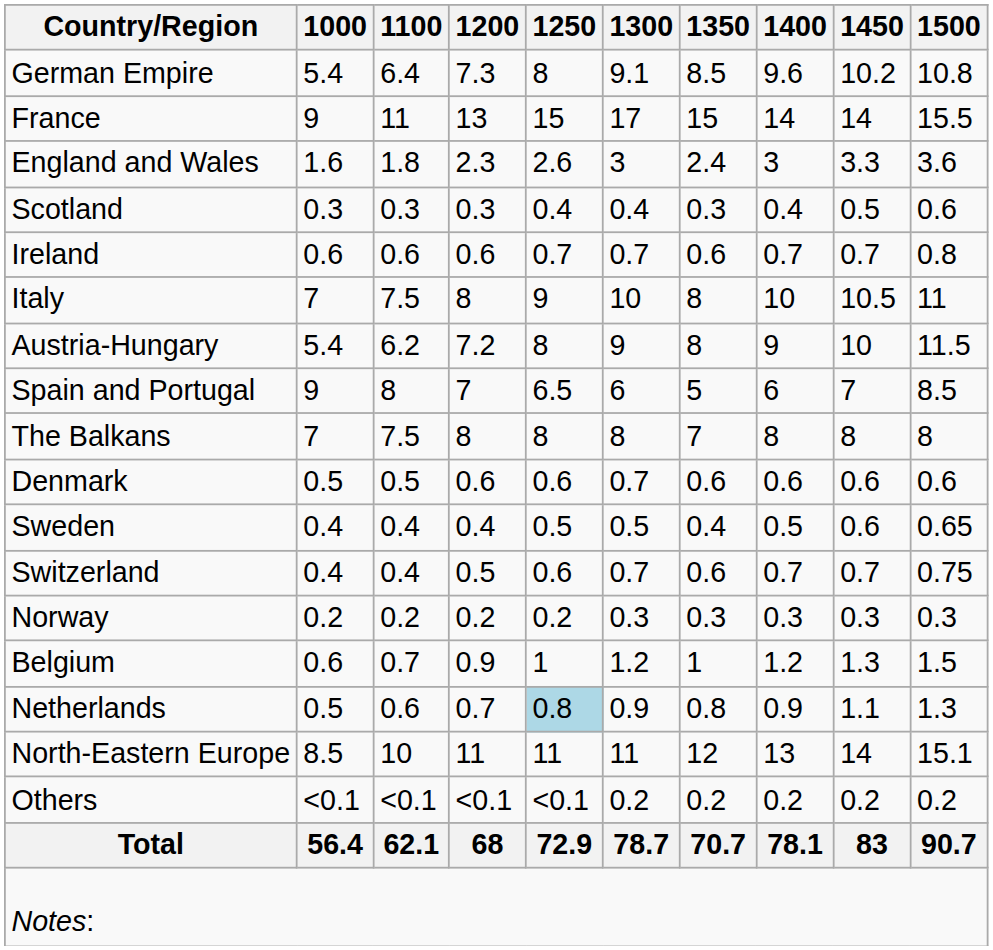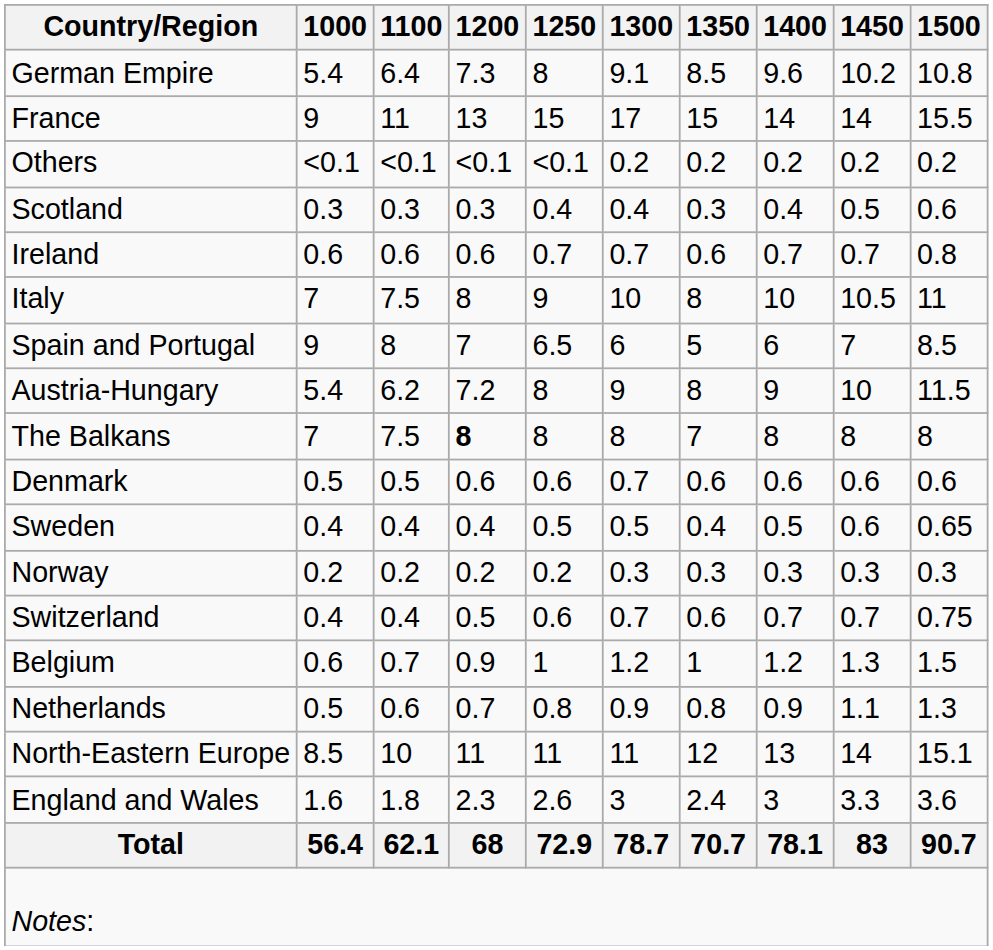 <table class="wikitable sortable">
 <tr>
 <th>Country/Region</th>
 <th>1000</th>
 <th>1100</th>
 <th>1200</th>
 <th>1250</th>
 <th>1300</th>
 <th>1350</th>
 <th>1400</th>
 <th>1450</th>
 <th>1500</th>
 </tr>
 <tr>
 <td>German Empire</td>
 <td>5.4</td>
 <td>6.4</td>
 <td>7.3</td>
 <td>8</td>
 <td>9.1</td>
 <td>8.5</td>
 <td>9.6</td>
 <td>10.2</td>
 <td>10.8</td>
 </tr>
 <tr>
 <td>France</td>
 <td>9</td>
 <td>11</td>
 <td>13</td>
 <td>15</td>
 <td>17</td>
 <td>15</td>
 <td>14</td>
 <td>14</td>
 <td>15.5</td>
 </tr>
 <tr>
-<td>England and Wales</td>
-<td>1.6</td>
-<td>1.8</td>
-<td>2.3</td>
-<td>2.6</td>
-<td>3</td>
-<td>2.4</td>
-<td>3</td>
-<td>3.3</td>
-<td>3.6</td>
+<td>Others</td>
+<td><0.1</td>
+<td><0.1</td>
+<td><0.1</td>
+<td><0.1</td>
+<td>0.2</td>
+<td>0.2</td>
+<td>0.2</td>
+<td>0.2</td>
+<td>0.2</td>
 </tr>
 <tr>
 <td>Scotland</td>
 <td>0.3</td>
 <td>0.3</td>
 <td>0.3</td>
 <td>0.4</td>
 <td>0.4</td>
 <td>0.3</td>
 <td>0.4</td>
 <td>0.5</td>
 <td>0.6</td>
 </tr>
 <tr>
 <td>Ireland</td>
 <td>0.6</td>
 <td>0.6</td>
 <td>0.6</td>
 <td>0.7</td>
 <td>0.7</td>
 <td>0.6</td>
 <td>0.7</td>
 <td>0.7</td>
 <td>0.8</td>
 </tr>
 <tr>
 <td>Italy</td>
 <td>7</td>
 <td>7.5</td>
 <td>8</td>
 <td>9</td>
 <td>10</td>
 <td>8</td>
 <td>10</td>
 <td>10.5</td>
 <td>11</td>
 </tr>
 <tr>
+<td>Spain and Portugal</td>
+<td>9</td>
+<td>8</td>
+<td>7</td>
+<td>6.5</td>
+<td>6</td>
+<td>5</td>
+<td>6</td>
+<td>7</td>
+<td>8.5</td>
+</tr>
+<tr>
 <td>Austria-Hungary</td>
 <td>5.4</td>
 <td>6.2</td>
 <td>7.2</td>
 <td>8</td>
 <td>9</td>
 <td>8</td>
 <td>9</td>
 <td>10</td>
 <td>11.5</td>
 </tr>
 <tr>
-<td>Spain and Portugal</td>
-<td>9</td>
-<td>8</td>
-<td>7</td>
-<td>6.5</td>
-<td>6</td>
-<td>5</td>
-<td>6</td>
-<td>7</td>
-<td>8.5</td>
-</tr>
-<tr>
 <td>The Balkans</td>
 <td>7</td>
 <td>7.5</td>
-<td>8</td>
+<td><strong>8</strong></td>
 <td>8</td>
 <td>8</td>
 <td>7</td>
 <td>8</td>
 <td>8</td>
 <td>8</td>
 </tr>
 <tr>
 <td>Denmark</td>
 <td>0.5</td>
 <td>0.5</td>
 <td>0.6</td>
 <td>0.6</td>
 <td>0.7</td>
 <td>0.6</td>
 <td>0.6</td>
 <td>0.6</td>
 <td>0.6</td>
 </tr>
 <tr>
 <td>Sweden</td>
 <td>0.4</td>
 <td>0.4</td>
 <td>0.4</td>
 <td>0.5</td>
 <td>0.5</td>
 <td>0.4</td>
 <td>0.5</td>
 <td>0.6</td>
 <td>0.65</td>
 </tr>
 <tr>
+<td>Norway</td>
+<td>0.2</td>
+<td>0.2</td>
+<td>0.2</td>
+<td>0.2</td>
+<td>0.3</td>
+<td>0.3</td>
+<td>0.3</td>
+<td>0.3</td>
+<td>0.3</td>
+</tr>
+<tr>
 <td>Switzerland</td>
 <td>0.4</td>
 <td>0.4</td>
 <td>0.5</td>
 <td>0.6</td>
 <td>0.7</td>
 <td>0.6</td>
 <td>0.7</td>
 <td>0.7</td>
 <td>0.75</td>
-</tr>
-<tr>
-<td>Norway</td>
-<td>0.2</td>
-<td>0.2</td>
-<td>0.2</td>
-<td>0.2</td>
-<td>0.3</td>
-<td>0.3</td>
-<td>0.3</td>
-<td>0.3</td>
-<td>0.3</td>
 </tr>
 <tr>
 <td>Belgium</td>
 <td>0.6</td>
 <td>0.7</td>
 <td>0.9</td>
 <td>1</td>
 <td>1.2</td>
 <td>1</td>
 <td>1.2</td>
 <td>1.3</td>
 <td>1.5</td>
 </tr>
 <tr>
 <td>Netherlands</td>
 <td>0.5</td>
 <td>0.6</td>
 <td>0.7</td>
-<td style="background: lightblue;">0.8</td>
+<td>0.8</td>
 <td>0.9</td>
 <td>0.8</td>
 <td>0.9</td>
 <td>1.1</td>
 <td>1.3</td>
 </tr>
 <tr>
 <td>North-Eastern Europe</td>
 <td>8.5</td>
 <td>10</td>
 <td>11</td>
 <td>11</td>
 <td>11</td>
 <td>12</td>
 <td>13</td>
 <td>14</td>
 <td>15.1</td>
 </tr>
 <tr>
-<td>Others</td>
-<td><0.1</td>
-<td><0.1</td>
-<td><0.1</td>
-<td><0.1</td>
-<td>0.2</td>
-<td>0.2</td>
-<td>0.2</td>
-<td>0.2</td>
-<td>0.2</td>
+<td>England and Wales</td>
+<td>1.6</td>
+<td>1.8</td>
+<td>2.3</td>
+<td>2.6</td>
+<td>3</td>
+<td>2.4</td>
+<td>3</td>
+<td>3.3</td>
+<td>3.6</td>
 </tr>
 <tr>
 <th>Total</th>
 <th>56.4</th>
 <th>62.1</th>
 <th>68</th>
 <th>72.9</th>
 <th>78.7</th>
 <th>70.7</th>
 <th>78.1</th>
 <th>83</th>
 <th>90.7</th>
 </tr>
 <tr>
 <td colspan="10"><br><em>Notes</em>: </td>
 </tr>
 </table>
